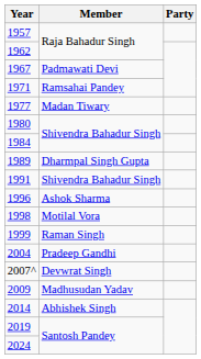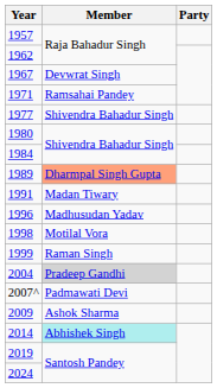 <table class="wikitable">
 <tr>
 <th>Year</th>
 <th>Member</th>
 <th colspan=2>Party</th>
 </tr>
 <tr>
 <td><a href='#'>1957</a></td>
 <td rowspan="2">Raja Bahadur Singh</td>
 <td></td>
 </tr>
 <tr>
 <td><a href='#'>1962</a></td>
 </tr>
 <tr>
 <td><a href='#'>1967</a></td>
-<td><a href='#'>Padmawati Devi</a></td>
+<td><a href='#'>Devwrat Singh</a></td>
 </tr>
 <tr>
 <td><a href='#'>1971</a></td>
 <td><a href='#'>Ramsahai Pandey</a></td>
 </tr>
 <tr>
 <td><a href='#'>1977</a></td>
-<td><a href='#'>Madan Tiwary</a></td>
+<td><a href='#'>Shivendra Bahadur Singh</a></td>
 <td></td>
 </tr>
 <tr>
 <td><a href='#'>1980</a></td>
 <td rowspan="2"><a href='#'>Shivendra Bahadur Singh</a></td>
 <td></td>
 </tr>
 <tr>
 <td><a href='#'>1984</a></td>
 <td></td>
 </tr>
 <tr>
 <td><a href='#'>1989</a></td>
-<td><a href='#'>Dharmpal Singh Gupta</a></td>
+<td style="background: lightsalmon;"><a href='#'>Dharmpal Singh Gupta</a></td>
 <td></td>
 </tr>
 <tr>
 <td><a href='#'>1991</a></td>
-<td><a href='#'>Shivendra Bahadur Singh</a></td>
+<td><a href='#'>Madan Tiwary</a></td>
 <td></td>
 </tr>
 <tr>
 <td><a href='#'>1996</a></td>
-<td><a href='#'>Ashok Sharma</a></td>
+<td><a href='#'>Madhusudan Yadav</a></td>
 <td></td>
 </tr>
 <tr>
 <td><a href='#'>1998</a></td>
 <td><a href='#'>Motilal Vora</a></td>
 <td></td>
 </tr>
 <tr>
 <td><a href='#'>1999</a></td>
 <td><a href='#'>Raman Singh</a></td>
 <td></td>
 </tr>
 <tr>
 <td><a href='#'>2004</a></td>
-<td><a href='#'>Pradeep Gandhi</a></td>
+<td style="background: lightgrey;"><a href='#'>Pradeep Gandhi</a></td>
 </tr>
 <tr>
 <td>2007^</td>
-<td><a href='#'>Devwrat Singh</a></td>
+<td><a href='#'>Padmawati Devi</a></td>
 <td></td>
 </tr>
 <tr>
 <td><a href='#'>2009</a></td>
-<td><a href='#'>Madhusudan Yadav</a></td>
+<td><a href='#'>Ashok Sharma</a></td>
 <td></td>
 </tr>
 <tr>
 <td><a href='#'>2014</a></td>
-<td><a href='#'>Abhishek Singh</a></td>
+<td style="background: paleturquoise;"><a href='#'>Abhishek Singh</a></td>
 </tr>
 <tr>
 <td><a href='#'>2019</a></td>
 <td rowspan="2"><a href='#'>Santosh Pandey</a></td>
 </tr>
 <tr>
 <td><a href='#'>2024</a></td>
 </tr>
 </table>
